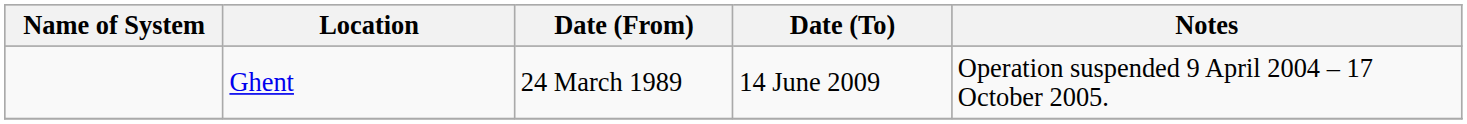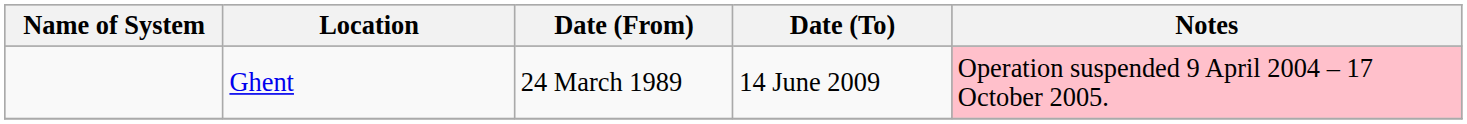 <table class="wikitable" width=100%>
 <tr>
 <th width=15%>Name of System</th>
 <th width=20%>Location</th>
 <th width=15%>Date (From)</th>
 <th width=15%>Date (To)</th>
 <th width=35%>Notes</th>
 </tr>
 <tr>
 <td> </td>
 <td><a href='#'>Ghent</a></td>
 <td>24 March 1989</td>
 <td>14 June 2009</td>
-<td>Operation suspended 9 April 2004 – 17 October 2005.</td>
+<td style="background: pink;">Operation suspended 9 April 2004 – 17 October 2005.</td>
 </tr>
 <tr>
 </tr>
 </table>
